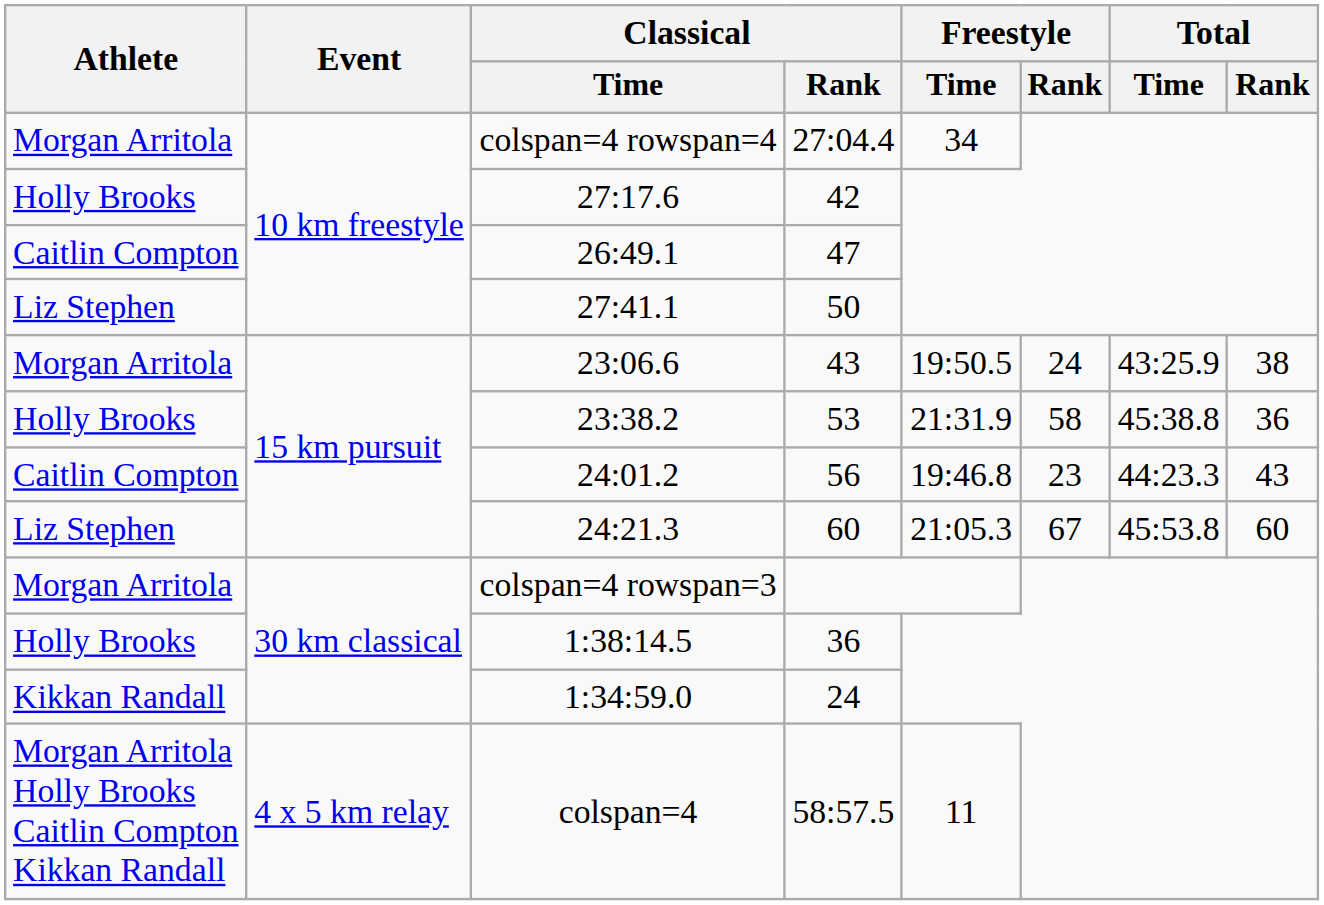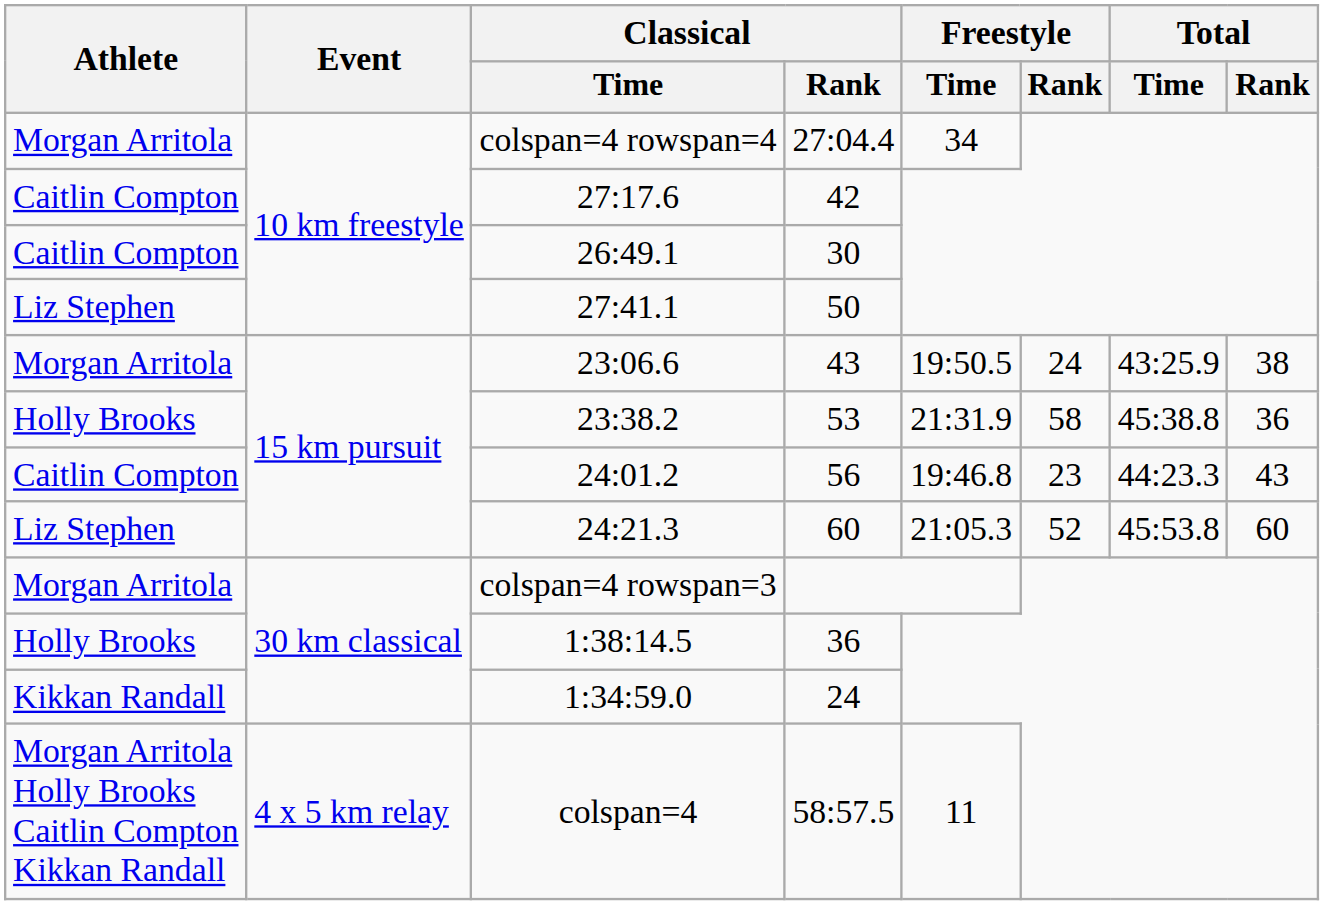 <table class=wikitable style=font-size:90%;text-align:center>
 <tr>
 <th rowspan=2>Athlete</th>
 <th rowspan=2>Event</th>
 <th colspan=2>Classical</th>
 <th colspan=2>Freestyle</th>
 <th colspan=2>Total</th>
 </tr>
 <tr style=font-size:95%>
 <th>Time</th>
 <th>Rank</th>
 <th>Time</th>
 <th>Rank</th>
 <th>Time</th>
 <th>Rank</th>
 </tr>
 <tr>
 <td align=left><a href='#'>Morgan Arritola</a></td>
 <td align=left rowspan=4><a href='#'>10 km freestyle</a></td>
 <td>colspan=4 rowspan=4 </td>
 <td>27:04.4</td>
 <td>34</td>
 </tr>
 <tr>
-<td align=left><a href='#'>Holly Brooks</a></td>
+<td align=left><a href='#'>Caitlin Compton</a></td>
 <td>27:17.6</td>
 <td>42</td>
 </tr>
 <tr>
 <td align=left><a href='#'>Caitlin Compton</a></td>
 <td>26:49.1</td>
-<td>47</td>
+<td>30</td>
 </tr>
 <tr>
 <td align=left><a href='#'>Liz Stephen</a></td>
 <td>27:41.1</td>
 <td>50</td>
 </tr>
 <tr>
 <td align=left><a href='#'>Morgan Arritola</a></td>
 <td align=left rowspan=4><a href='#'>15 km pursuit</a></td>
 <td>23:06.6</td>
 <td>43</td>
 <td>19:50.5</td>
 <td>24</td>
 <td>43:25.9</td>
 <td>38</td>
 </tr>
 <tr>
 <td align=left><a href='#'>Holly Brooks</a></td>
 <td>23:38.2</td>
 <td>53</td>
 <td>21:31.9</td>
 <td>58</td>
 <td>45:38.8</td>
 <td>36</td>
 </tr>
 <tr>
 <td align=left><a href='#'>Caitlin Compton</a></td>
 <td>24:01.2</td>
 <td>56</td>
 <td>19:46.8</td>
 <td>23</td>
 <td>44:23.3</td>
 <td>43</td>
 </tr>
 <tr>
 <td align=left><a href='#'>Liz Stephen</a></td>
 <td>24:21.3</td>
 <td>60</td>
 <td>21:05.3</td>
-<td>67</td>
+<td>52</td>
 <td>45:53.8</td>
 <td>60</td>
 </tr>
 <tr>
 <td align=left><a href='#'>Morgan Arritola</a></td>
 <td align=left rowspan=3><a href='#'>30 km classical</a></td>
 <td>colspan=4 rowspan=3 </td>
 <td colspan=2></td>
 </tr>
 <tr>
 <td align=left><a href='#'>Holly Brooks</a></td>
 <td>1:38:14.5</td>
 <td>36</td>
 </tr>
 <tr>
 <td align=left><a href='#'>Kikkan Randall</a></td>
 <td>1:34:59.0</td>
 <td>24</td>
 </tr>
 <tr>
 <td align=left><a href='#'>Morgan Arritola</a><br><a href='#'>Holly Brooks</a><br><a href='#'>Caitlin Compton</a><br><a href='#'>Kikkan Randall</a></td>
 <td align=left><a href='#'>4 x 5 km relay</a></td>
 <td>colspan=4 </td>
 <td>58:57.5</td>
 <td>11</td>
 </tr>
 </table>
